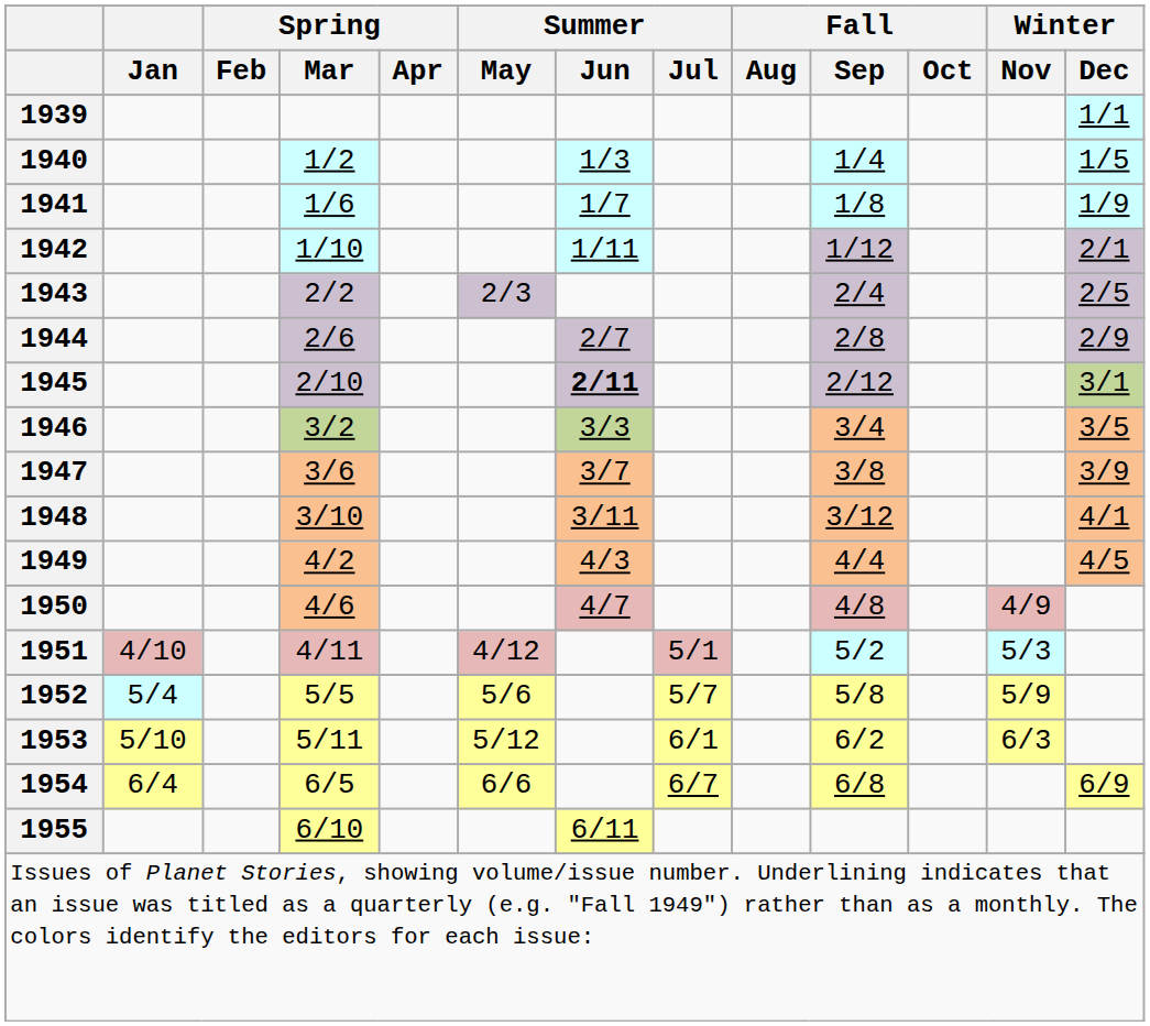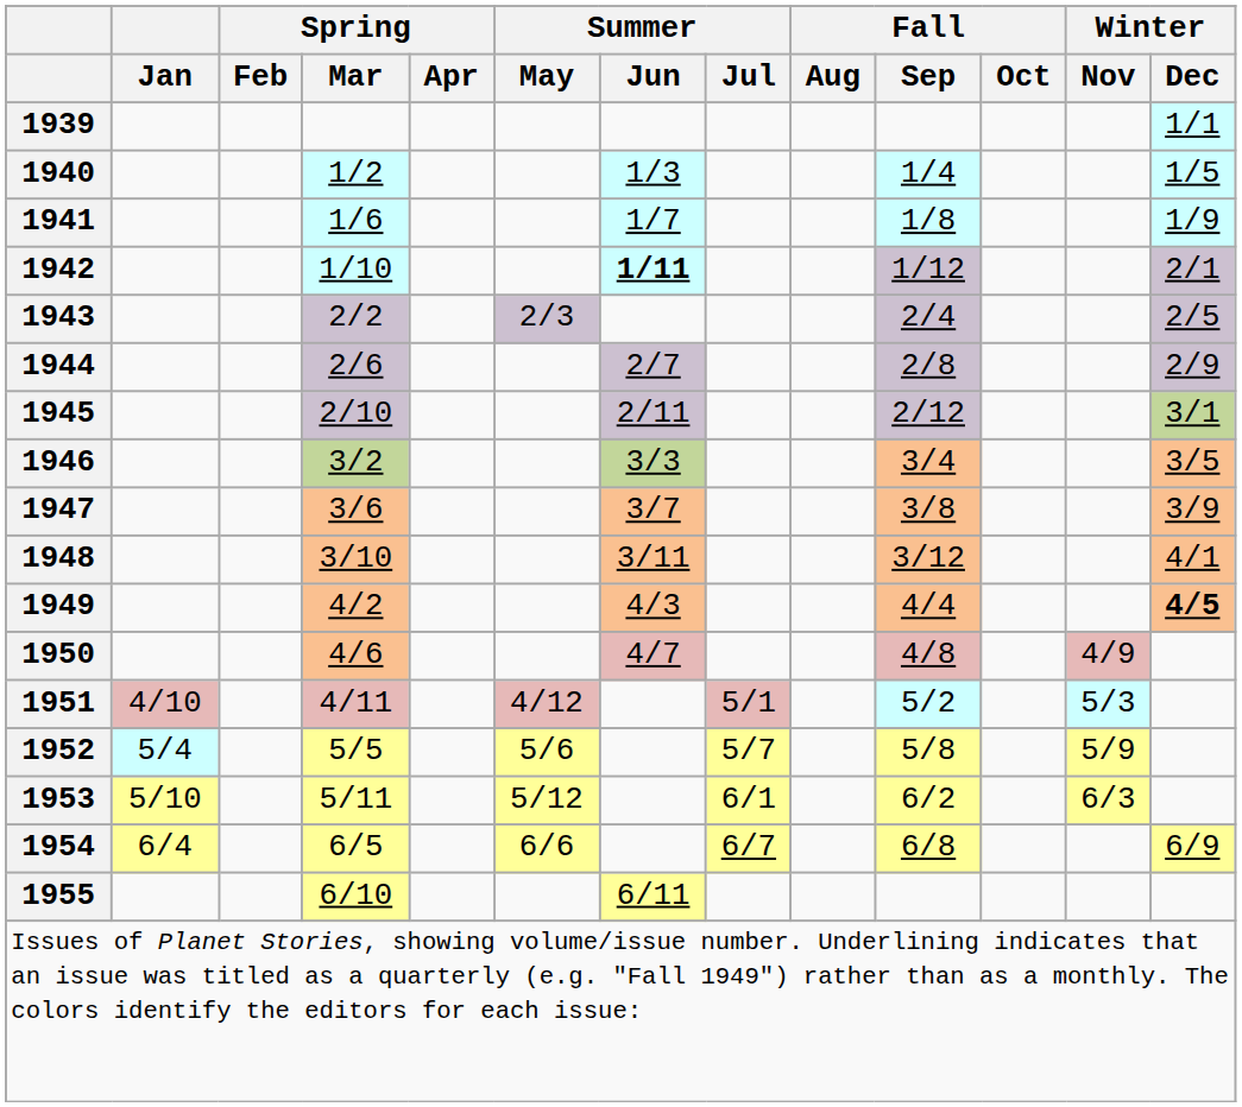 <table class="wikitable" style="font-size: 10pt; line-height: 11pt; margin-left: 2em; text-align: center; float: right">
 <tr>
 <th></th>
 <th></th>
 <th colspan="3">Spring</th>
 <th colspan="3">Summer</th>
 <th colspan="3">Fall</th>
 <th colspan="2">Winter</th>
 </tr>
 <tr>
 <th></th>
 <th>Jan</th>
 <th>Feb</th>
 <th>Mar</th>
 <th>Apr</th>
 <th>May</th>
 <th>Jun</th>
 <th>Jul</th>
 <th>Aug</th>
 <th>Sep</th>
 <th>Oct</th>
 <th>Nov</th>
 <th>Dec</th>
 </tr>
 <tr>
 <th>1939</th>
 <td></td>
 <td></td>
 <td></td>
 <td></td>
 <td></td>
 <td></td>
 <td></td>
 <td></td>
 <td></td>
 <td></td>
 <td></td>
 <td bgcolor=#ccffff><u>1/1</u></td>
 </tr>
 <tr>
 <th>1940</th>
 <td></td>
 <td></td>
 <td bgcolor=#ccffff><u>1/2</u></td>
 <td></td>
 <td></td>
 <td bgcolor=#ccffff><u>1/3</u></td>
 <td></td>
 <td></td>
 <td bgcolor=#ccffff><u>1/4</u></td>
 <td></td>
 <td></td>
 <td bgcolor=#ccffff><u>1/5</u></td>
 </tr>
 <tr>
 <th>1941</th>
 <td></td>
 <td></td>
 <td bgcolor=#ccffff><u>1/6</u></td>
 <td></td>
 <td></td>
 <td bgcolor=#ccffff><u>1/7</u></td>
 <td></td>
 <td></td>
 <td bgcolor=#ccffff><u>1/8</u></td>
 <td></td>
 <td></td>
 <td bgcolor=#ccffff><u>1/9</u></td>
 </tr>
 <tr>
 <th>1942</th>
 <td></td>
 <td></td>
 <td bgcolor=#ccffff><u>1/10</u></td>
 <td></td>
 <td></td>
-<td bgcolor=#ccffff><u>1/11</u></td>
+<td bgcolor=#ccffff><strong><u>1/11</u></strong></td>
 <td></td>
 <td></td>
 <td bgcolor=#ccc0d0><u>1/12</u></td>
 <td></td>
 <td></td>
 <td bgcolor=#ccc0d0><u>2/1</u></td>
 </tr>
 <tr>
 <th>1943</th>
 <td></td>
 <td></td>
 <td bgcolor=#ccc0d0>2/2</td>
 <td></td>
 <td bgcolor=#ccc0d0>2/3</td>
 <td></td>
 <td></td>
 <td></td>
 <td bgcolor=#ccc0d0><u>2/4</u></td>
 <td></td>
 <td></td>
 <td bgcolor=#ccc0d0><u>2/5</u></td>
 </tr>
 <tr>
 <th>1944</th>
 <td></td>
 <td></td>
 <td bgcolor=#ccc0d0><u>2/6</u></td>
 <td></td>
 <td></td>
 <td bgcolor=#ccc0d0><u>2/7</u></td>
 <td></td>
 <td></td>
 <td bgcolor=#ccc0d0><u>2/8</u></td>
 <td></td>
 <td></td>
 <td bgcolor=#ccc0d0><u>2/9</u></td>
 </tr>
 <tr>
 <th>1945</th>
 <td></td>
 <td></td>
 <td bgcolor=#ccc0d0><u>2/10</u></td>
 <td></td>
 <td></td>
-<td bgcolor=#ccc0d0><strong><u>2/11</u></strong></td>
+<td bgcolor=#ccc0d0><u>2/11</u></td>
 <td></td>
 <td></td>
 <td bgcolor=#ccc0d0><u>2/12</u></td>
 <td></td>
 <td></td>
 <td bgcolor=#c2d69a><u>3/1</u></td>
 </tr>
 <tr>
 <th>1946</th>
 <td></td>
 <td></td>
 <td bgcolor=#c2d69a><u>3/2</u></td>
 <td></td>
 <td></td>
 <td bgcolor=#c2d69a><u>3/3</u></td>
 <td></td>
 <td></td>
 <td bgcolor=#fac090><u>3/4</u></td>
 <td></td>
 <td></td>
 <td bgcolor=#fac090><u>3/5</u></td>
 </tr>
 <tr>
 <th>1947</th>
 <td></td>
 <td></td>
 <td bgcolor=#fac090><u>3/6</u></td>
 <td></td>
 <td></td>
 <td bgcolor=#fac090><u>3/7</u></td>
 <td></td>
 <td></td>
 <td bgcolor=#fac090><u>3/8</u></td>
 <td></td>
 <td></td>
 <td bgcolor=#fac090><u>3/9</u></td>
 </tr>
 <tr>
 <th>1948</th>
 <td></td>
 <td></td>
 <td bgcolor=#fac090><u>3/10</u></td>
 <td></td>
 <td></td>
 <td bgcolor=#fac090><u>3/11</u></td>
 <td></td>
 <td></td>
 <td bgcolor=#fac090><u>3/12</u></td>
 <td></td>
 <td></td>
 <td bgcolor=#fac090><u>4/1</u></td>
 </tr>
 <tr>
 <th>1949</th>
 <td></td>
 <td></td>
 <td bgcolor=#fac090><u>4/2</u></td>
 <td></td>
 <td></td>
 <td bgcolor=#fac090><u>4/3</u></td>
 <td></td>
 <td></td>
 <td bgcolor=#fac090><u>4/4</u></td>
 <td></td>
 <td></td>
-<td bgcolor=#fac090><u>4/5</u></td>
+<td bgcolor=#fac090><strong><u>4/5</u></strong></td>
 </tr>
 <tr>
 <th>1950</th>
 <td></td>
 <td></td>
 <td bgcolor=#fac090><u>4/6</u></td>
 <td></td>
 <td></td>
 <td bgcolor=#e6b9b8><u>4/7</u></td>
 <td></td>
 <td></td>
 <td bgcolor=#e6b9b8><u>4/8</u></td>
 <td></td>
 <td bgcolor=#e6b9b8>4/9</td>
 <td></td>
 </tr>
 <tr>
 <th>1951</th>
 <td bgcolor=#e6b9b8>4/10</td>
 <td></td>
 <td bgcolor=#e6b9b8>4/11</td>
 <td></td>
 <td bgcolor=#e6b9b8>4/12</td>
 <td></td>
 <td bgcolor=#e6b9b8>5/1</td>
 <td></td>
 <td bgcolor=#ccffff>5/2</td>
 <td></td>
 <td bgcolor=#ccffff>5/3</td>
 <td></td>
 </tr>
 <tr>
 <th>1952</th>
 <td bgcolor=#ccffff>5/4</td>
 <td></td>
 <td bgcolor=#ffff99>5/5</td>
 <td></td>
 <td bgcolor=#ffff99>5/6</td>
 <td></td>
 <td bgcolor=#ffff99>5/7</td>
 <td></td>
 <td bgcolor=#ffff99>5/8</td>
 <td></td>
 <td bgcolor=#ffff99>5/9</td>
 <td></td>
 </tr>
 <tr>
 <th>1953</th>
 <td bgcolor=#ffff99>5/10</td>
 <td></td>
 <td bgcolor=#ffff99>5/11</td>
 <td></td>
 <td bgcolor=#ffff99>5/12</td>
 <td></td>
 <td bgcolor=#ffff99>6/1</td>
 <td></td>
 <td bgcolor=#ffff99>6/2</td>
 <td></td>
 <td bgcolor=#ffff99>6/3</td>
 <td></td>
 </tr>
 <tr>
 <th>1954</th>
 <td bgcolor=#ffff99>6/4</td>
 <td></td>
 <td bgcolor=#ffff99>6/5</td>
 <td></td>
 <td bgcolor=#ffff99>6/6</td>
 <td></td>
 <td bgcolor=#ffff99><u>6/7</u></td>
 <td></td>
 <td bgcolor=#ffff99><u>6/8</u></td>
 <td></td>
 <td></td>
 <td bgcolor=#ffff99><u>6/9</u></td>
 </tr>
 <tr>
 <th>1955</th>
 <td></td>
 <td></td>
 <td bgcolor=#ffff99><u>6/10</u></td>
 <td></td>
 <td></td>
 <td bgcolor=#ffff99><u>6/11</u></td>
 <td></td>
 <td></td>
 <td></td>
 <td></td>
 <td></td>
 <td></td>
 </tr>
 <tr>
 <td colspan="13" style="font-size: 8pt; text-align:left">Issues of <em>Planet Stories</em>, showing volume/issue number. Underlining indicates that<br>an issue was titled as a quarterly (e.g. "Fall 1949") rather than as a monthly.  The<br>colors identify the editors for each issue: <br><br>   <br> </td>
 </tr>
 </table>
